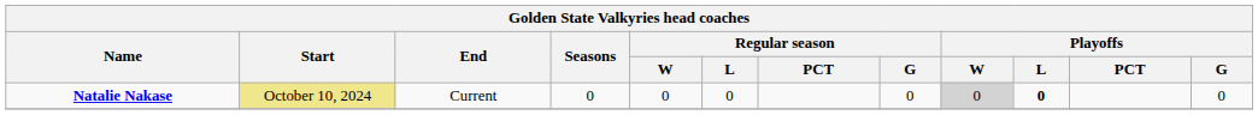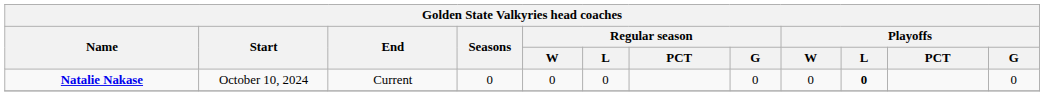 <table class="wikitable" style="clear:both; margin:1.5em auto; min-width:90%; font-size:88%; text-align:center;">
 <tr>
 <th colspan=12>Golden State Valkyries head coaches</th>
 </tr>
 <tr>
 <th width="15%" rowspan=2>Name</th>
 <th width="10%" rowspan=2>Start</th>
 <th width="10%" rowspan=2>End</th>
 <th width="5%" rowspan=2>Seasons</th>
 <th width="20%" colspan=4>Regular season</th>
 <th width="20%" colspan=4>Playoffs</th>
 </tr>
 <tr>
 <th>W</th>
 <th>L</th>
 <th>PCT</th>
 <th>G</th>
 <th>W</th>
 <th>L</th>
 <th>PCT</th>
 <th>G</th>
 </tr>
 <tr>
 <td><strong><a href='#'>Natalie Nakase</a></strong></td>
-<td style="background: khaki;">October 10, 2024</td>
+<td>October 10, 2024</td>
 <td>Current</td>
 <td>0</td>
 <td>0</td>
 <td>0</td>
 <td></td>
 <td>0</td>
-<td style="background: lightgrey;">0</td>
+<td>0</td>
 <td><strong>0</strong></td>
 <td></td>
 <td>0</td>
 </tr>
 <tr>
 </tr>
 </table>
